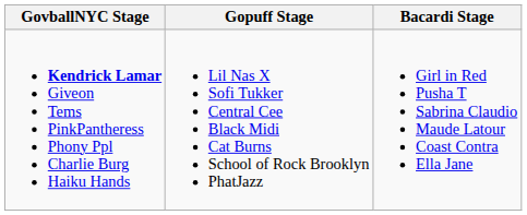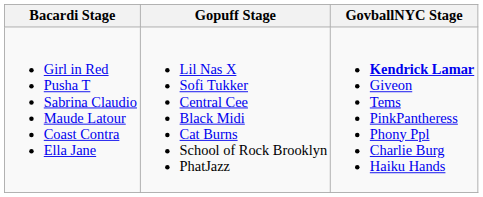 <table class="wikitable">
 <tr>
+<th>Bacardi Stage</th>
+<th>Gopuff Stage</th>
 <th>GovballNYC Stage</th>
-<th>Gopuff Stage</th>
-<th>Bacardi Stage</th>
 </tr>
 <tr valign="top">
+<td><br><ul><li><a href='#'>Girl in Red</a></li><li><a href='#'>Pusha T</a></li><li><a href='#'>Sabrina Claudio</a></li><li><a href='#'>Maude Latour</a></li><li><a href='#'>Coast Contra</a></li><li><a href='#'>Ella Jane</a></li></ul></td>
+<td><br><ul><li><a href='#'>Lil Nas X</a></li><li><a href='#'>Sofi Tukker</a></li><li><a href='#'>Central Cee</a></li><li><a href='#'>Black Midi</a></li><li><a href='#'>Cat Burns</a></li><li>School of Rock Brooklyn</li><li>PhatJazz</li></ul></td>
 <td><br><ul><li><strong><a href='#'>Kendrick Lamar</a></strong></li><li><a href='#'>Giveon</a></li><li><a href='#'>Tems</a></li><li><a href='#'>PinkPantheress</a></li><li><a href='#'>Phony Ppl</a></li><li><a href='#'>Charlie Burg</a></li><li><a href='#'>Haiku Hands</a></li></ul></td>
-<td><br><ul><li><a href='#'>Lil Nas X</a></li><li><a href='#'>Sofi Tukker</a></li><li><a href='#'>Central Cee</a></li><li><a href='#'>Black Midi</a></li><li><a href='#'>Cat Burns</a></li><li>School of Rock Brooklyn</li><li>PhatJazz</li></ul></td>
-<td><br><ul><li><a href='#'>Girl in Red</a></li><li><a href='#'>Pusha T</a></li><li><a href='#'>Sabrina Claudio</a></li><li><a href='#'>Maude Latour</a></li><li><a href='#'>Coast Contra</a></li><li><a href='#'>Ella Jane</a></li></ul></td>
 </tr>
 </table>
